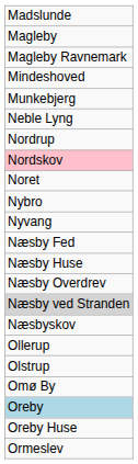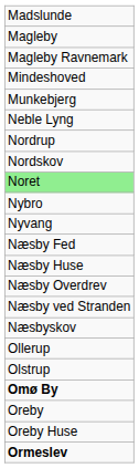 <table class="wikitable" style="float:left; margin-right:1em">
 <tr>
 <td>Madslunde</td>
 </tr>
 <tr>
 <td>Magleby</td>
 </tr>
 <tr>
 <td>Magleby Ravnemark</td>
 </tr>
 <tr>
 <td>Mindeshoved</td>
 </tr>
 <tr>
 <td>Munkebjerg</td>
 </tr>
 <tr>
 <td>Neble Lyng</td>
 </tr>
 <tr>
 <td>Nordrup</td>
 </tr>
 <tr>
-<td style="background: pink;">Nordskov</td>
+<td>Nordskov</td>
 </tr>
 <tr>
-<td>Noret</td>
+<td style="background: lightgreen;">Noret</td>
 </tr>
 <tr>
 <td>Nybro</td>
 </tr>
 <tr>
 <td>Nyvang</td>
 </tr>
 <tr>
 <td>Næsby Fed</td>
 </tr>
 <tr>
 <td>Næsby Huse</td>
 </tr>
 <tr>
 <td>Næsby Overdrev</td>
 </tr>
 <tr>
-<td style="background: lightgrey;">Næsby ved Stranden</td>
+<td>Næsby ved Stranden</td>
 </tr>
 <tr>
 <td>Næsbyskov</td>
 </tr>
 <tr>
 <td>Ollerup</td>
 </tr>
 <tr>
 <td>Olstrup</td>
 </tr>
 <tr>
-<td>Omø By</td>
+<td><strong>Omø By</strong></td>
 </tr>
 <tr>
-<td style="background: lightblue;">Oreby</td>
+<td>Oreby</td>
 </tr>
 <tr>
 <td>Oreby Huse</td>
 </tr>
 <tr>
-<td>Ormeslev</td>
+<td><strong>Ormeslev</strong></td>
 </tr>
 </table>
